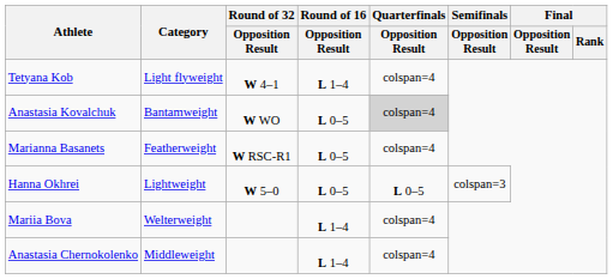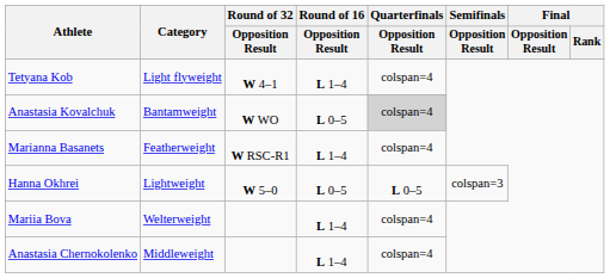 <table class="wikitable" style="text-align:center; font-size:90%">
 <tr>
 <th rowspan=2>Athlete</th>
 <th rowspan=2>Category</th>
 <th>Round of 32</th>
 <th>Round of 16</th>
 <th>Quarterfinals</th>
 <th>Semifinals</th>
 <th colspan=2>Final</th>
 </tr>
 <tr style="font-size:95%">
 <th>Opposition<br>Result</th>
 <th>Opposition<br>Result</th>
 <th>Opposition<br>Result</th>
 <th>Opposition<br>Result</th>
 <th>Opposition<br>Result</th>
 <th>Rank</th>
 </tr>
 <tr>
 <td align=left><a href='#'>Tetyana Kob</a></td>
 <td align=left><a href='#'>Light flyweight</a></td>
 <td><br><strong>W</strong> 4–1</td>
 <td><br><strong>L</strong> 1–4</td>
 <td>colspan=4 </td>
 </tr>
 <tr>
 <td align=left><a href='#'>Anastasia Kovalchuk</a></td>
 <td align=left><a href='#'>Bantamweight</a></td>
 <td><br><strong>W</strong> WO</td>
 <td><br><strong>L</strong> 0–5</td>
 <td style="background: lightgrey;">colspan=4 </td>
 </tr>
 <tr>
 <td align=left><a href='#'>Marianna Basanets</a></td>
 <td align=left><a href='#'>Featherweight</a></td>
 <td><br><strong>W</strong> RSC-R1</td>
-<td><br><strong>L</strong> 0–5</td>
+<td><br><strong>L</strong> 1–4</td>
 <td>colspan=4 </td>
 </tr>
 <tr>
 <td align=left><a href='#'>Hanna Okhrei</a></td>
 <td align=left><a href='#'>Lightweight</a></td>
 <td><br><strong>W</strong> 5–0</td>
 <td><br><strong>L</strong> 0–5</td>
 <td><br><strong>L</strong> 0–5</td>
 <td>colspan=3 </td>
 </tr>
 <tr>
 <td align=left><a href='#'>Mariia Bova</a></td>
 <td align=left><a href='#'>Welterweight</a></td>
 <td></td>
 <td><br><strong>L</strong> 1–4</td>
 <td>colspan=4 </td>
 </tr>
 <tr>
 <td align=left><a href='#'>Anastasia Chernokolenko</a></td>
 <td align=left><a href='#'>Middleweight</a></td>
 <td></td>
 <td><br><strong>L</strong> 1–4</td>
 <td>colspan=4 </td>
 </tr>
 </table>
